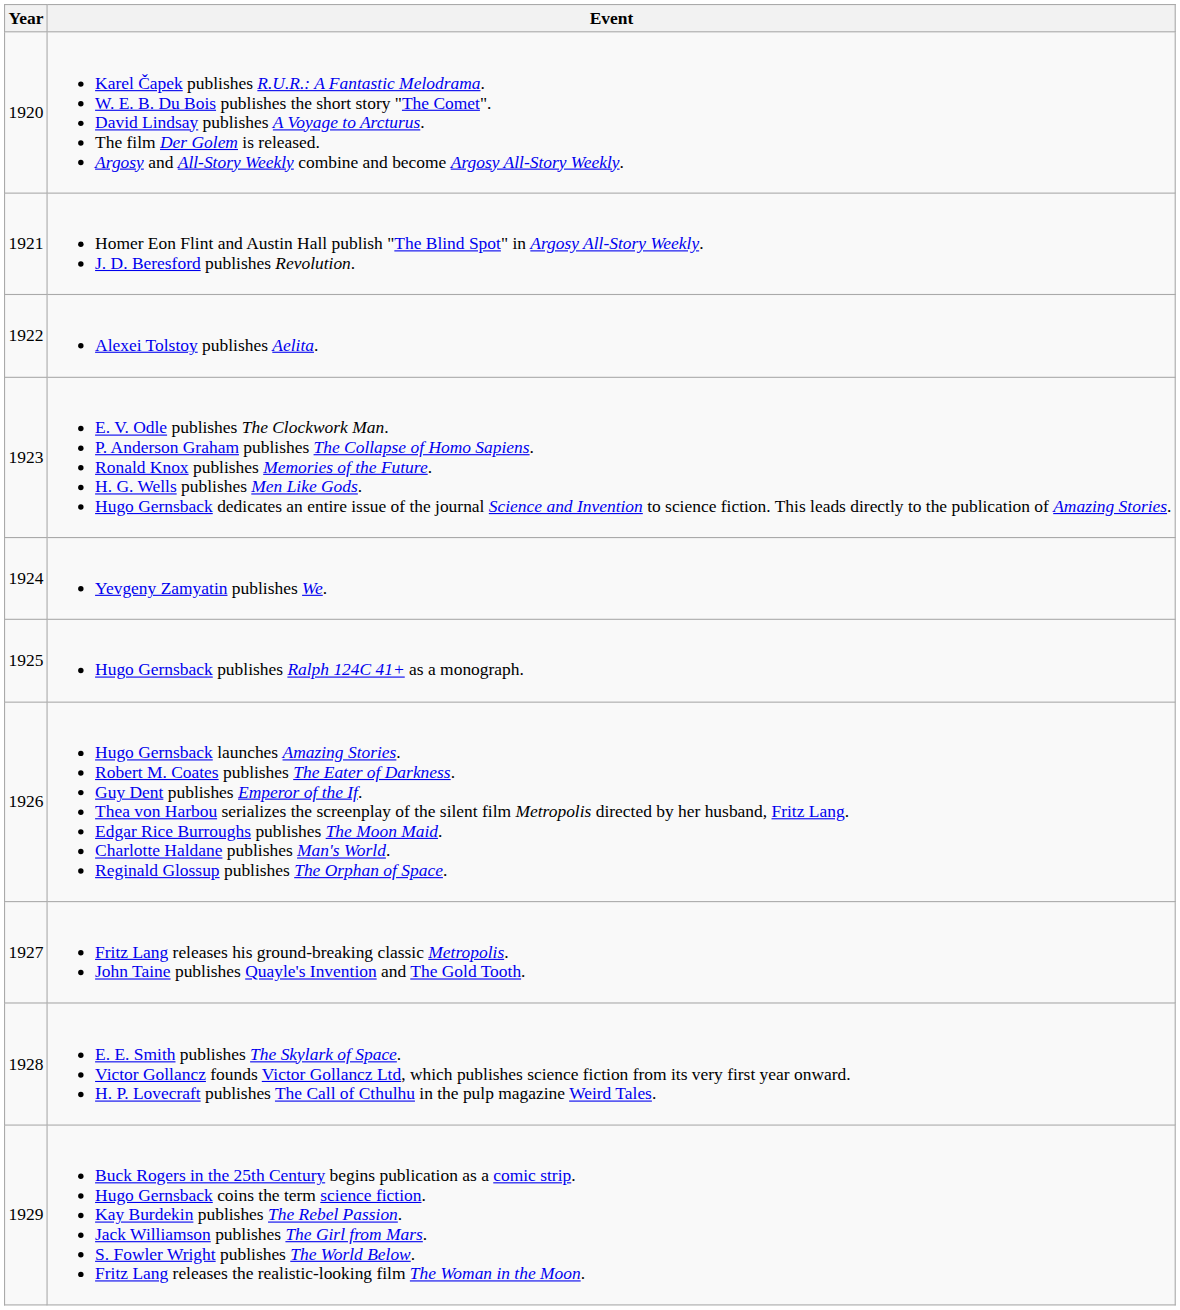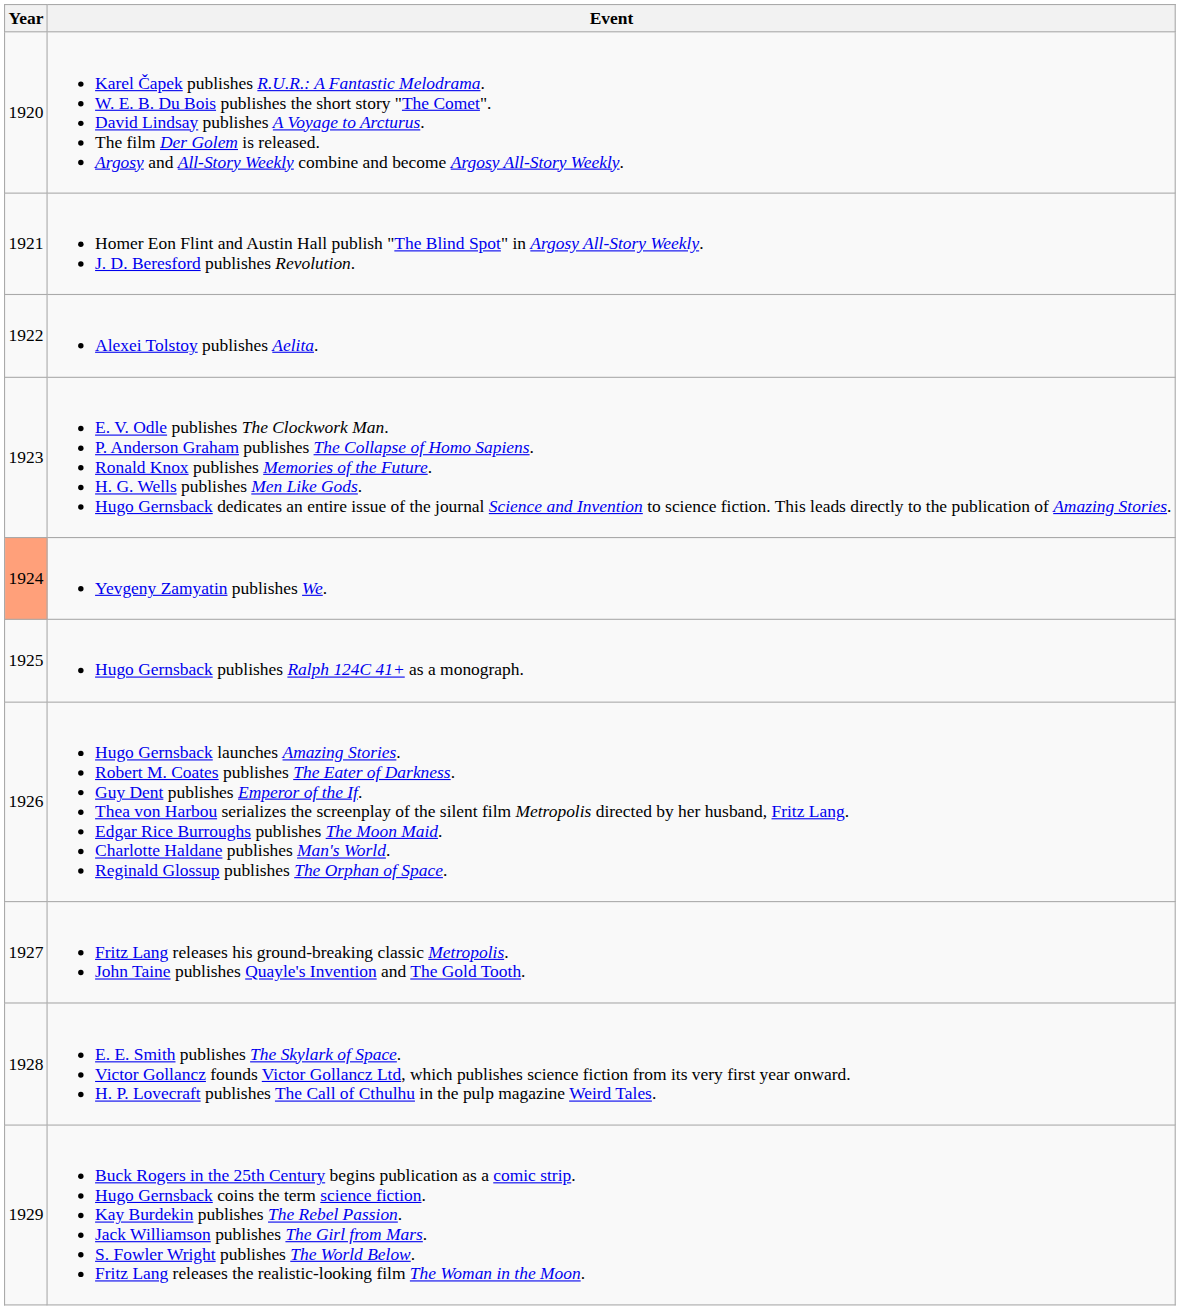 <table class="wikitable">
 <tr>
 <th scope="col">Year</th>
 <th scope="col">Event</th>
 </tr>
 <tr>
 <td>1920</td>
 <td><br><ul><li><a href='#'>Karel Čapek</a> publishes <em><a href='#'>R.U.R.: A Fantastic Melodrama</a></em>.</li><li><a href='#'>W. E. B. Du Bois</a> publishes the short story "<a href='#'>The Comet</a>".</li><li><a href='#'>David Lindsay</a> publishes <em><a href='#'>A Voyage to Arcturus</a></em>.</li><li>The film <em><a href='#'>Der Golem</a></em> is released.</li><li><em><a href='#'>Argosy</a></em> and <em><a href='#'>All-Story Weekly</a></em> combine and become <em><a href='#'>Argosy All-Story Weekly</a></em>.</li></ul></td>
 </tr>
 <tr>
 <td>1921</td>
 <td><br><ul><li>Homer Eon Flint and Austin Hall publish "<a href='#'>The Blind Spot</a>" in <em><a href='#'>Argosy All-Story Weekly</a></em>.</li><li><a href='#'>J. D. Beresford</a> publishes <em>Revolution</em>.</li></ul></td>
 </tr>
 <tr>
 <td>1922</td>
 <td><br><ul><li><a href='#'>Alexei Tolstoy</a> publishes <em><a href='#'>Aelita</a></em>.</li></ul></td>
 </tr>
 <tr>
 <td>1923</td>
 <td><br><ul><li><a href='#'>E. V. Odle</a> publishes <em>The Clockwork Man</em>.</li><li><a href='#'>P. Anderson Graham</a> publishes <em><a href='#'>The Collapse of Homo Sapiens</a></em>.</li><li><a href='#'>Ronald Knox</a> publishes <em><a href='#'>Memories of the Future</a></em>.</li><li><a href='#'>H. G. Wells</a> publishes <em><a href='#'>Men Like Gods</a></em>.</li><li><a href='#'>Hugo Gernsback</a> dedicates an entire issue of the journal <em><a href='#'>Science and Invention</a></em> to science fiction. This leads directly to the publication of <em><a href='#'>Amazing Stories</a></em>.</li></ul></td>
 </tr>
 <tr>
-<td>1924</td>
+<td style="background: lightsalmon;">1924</td>
 <td><br><ul><li><a href='#'>Yevgeny Zamyatin</a> publishes <em><a href='#'>We</a></em>.</li></ul></td>
 </tr>
 <tr>
 <td>1925</td>
 <td><br><ul><li><a href='#'>Hugo Gernsback</a> publishes <em><a href='#'>Ralph 124C 41+</a></em> as a monograph.</li></ul></td>
 </tr>
 <tr>
 <td>1926</td>
 <td><br><ul><li><a href='#'>Hugo Gernsback</a> launches <em><a href='#'>Amazing Stories</a></em>.</li><li><a href='#'>Robert M. Coates</a> publishes <em><a href='#'>The Eater of Darkness</a></em>.</li><li><a href='#'>Guy Dent</a> publishes <em><a href='#'>Emperor of the If</a></em>.</li><li><a href='#'>Thea von Harbou</a> serializes the screenplay of the silent film <em>Metropolis</em> directed by her husband, <a href='#'>Fritz Lang</a>.</li><li><a href='#'>Edgar Rice Burroughs</a> publishes <em><a href='#'>The Moon Maid</a></em>.</li><li><a href='#'>Charlotte Haldane</a> publishes <em><a href='#'>Man's World</a></em>.</li><li><a href='#'>Reginald Glossup</a> publishes <em><a href='#'>The Orphan of Space</a></em>.</li></ul></td>
 </tr>
 <tr>
 <td>1927</td>
 <td><br><ul><li><a href='#'>Fritz Lang</a> releases his ground-breaking classic <em><a href='#'>Metropolis</a></em>.</li><li><a href='#'>John Taine</a> publishes <a href='#'>Quayle's Invention</a> and <a href='#'>The Gold Tooth</a>.</li></ul></td>
 </tr>
 <tr>
 <td>1928</td>
 <td><br><ul><li><a href='#'>E. E. Smith</a> publishes <em><a href='#'>The Skylark of Space</a></em>.</li><li><a href='#'>Victor Gollancz</a> founds <a href='#'>Victor Gollancz Ltd</a>, which publishes science fiction from its very first year onward.</li><li><a href='#'>H. P. Lovecraft</a> publishes <a href='#'>The Call of Cthulhu</a> in the pulp magazine <a href='#'>Weird Tales</a>.</li></ul></td>
 </tr>
 <tr>
 <td>1929</td>
 <td><br><ul><li><a href='#'>Buck Rogers in the 25th Century</a> begins publication as a <a href='#'>comic strip</a>.</li><li><a href='#'>Hugo Gernsback</a> coins the term <a href='#'>science fiction</a>.</li><li><a href='#'>Kay Burdekin</a> publishes <em><a href='#'>The Rebel Passion</a></em>.</li><li><a href='#'>Jack Williamson</a> publishes <em><a href='#'>The Girl from Mars</a></em>.</li><li><a href='#'>S. Fowler Wright</a> publishes <em><a href='#'>The World Below</a></em>.</li><li><a href='#'>Fritz Lang</a> releases the realistic-looking film <em><a href='#'>The Woman in the Moon</a></em>.</li></ul></td>
 </tr>
 </table>
